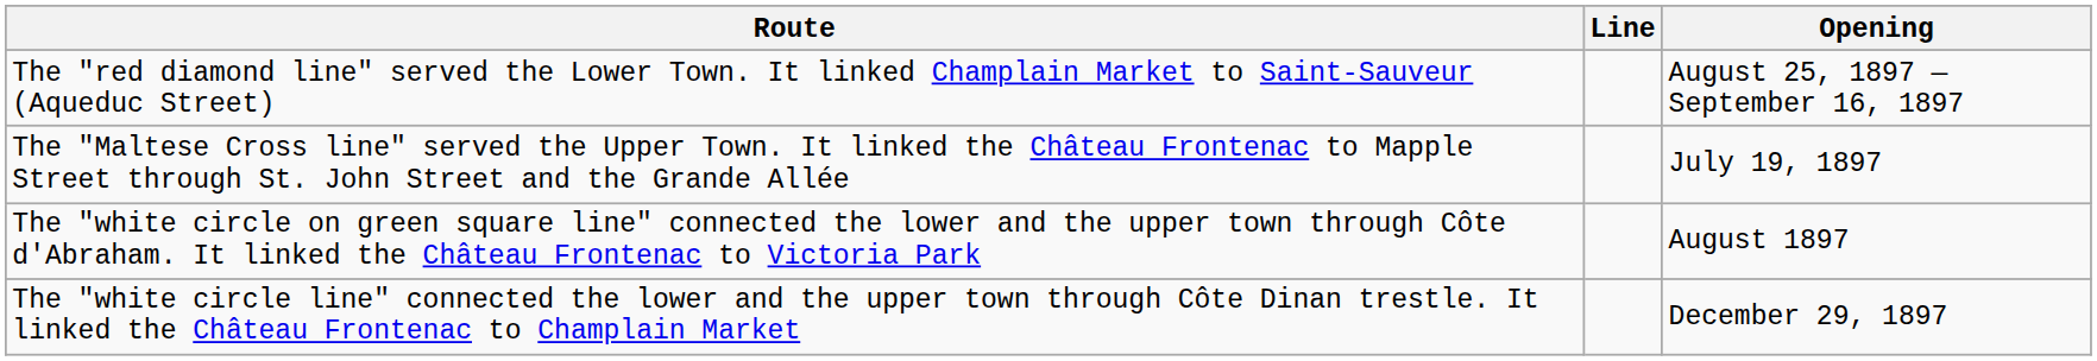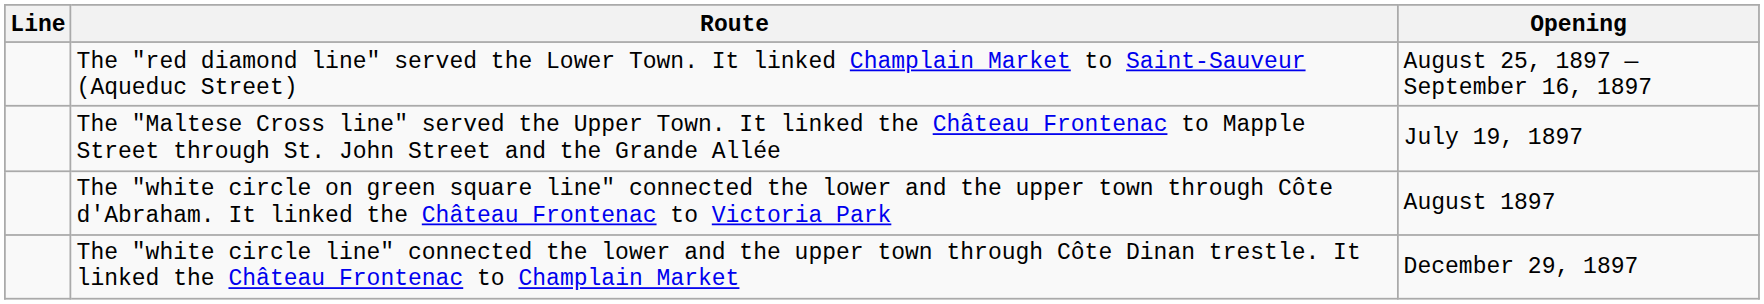 <table class="wikitable center" style="width:50%;">
 <tr>
+<th scope=col>Line</th>
 <th scope=col>Route</th>
-<th scope=col>Line</th>
 <th scope=col>Opening</th>
 </tr>
 <tr>
+<td align="center"></td>
 <td>The "red diamond line" served the Lower Town. It linked <a href='#'>Champlain Market</a> to <a href='#'>Saint-Sauveur</a> (Aqueduc Street)</td>
-<td align="center"></td>
 <td>August 25, 1897 — September 16, 1897</td>
 </tr>
 <tr>
+<td align="center"></td>
 <td>The "Maltese Cross line" served the Upper Town. It linked the <a href='#'>Château Frontenac</a> to Mapple Street through St. John Street and the Grande Allée</td>
-<td align="center"></td>
 <td>July 19, 1897</td>
 </tr>
 <tr>
+<td align="center"></td>
 <td>The "white circle on green square line" connected the lower and the upper town through Côte d'Abraham. It linked the <a href='#'>Château Frontenac</a> to <a href='#'>Victoria Park</a></td>
-<td align="center"></td>
 <td>August 1897</td>
 </tr>
 <tr>
+<td align="center"></td>
 <td>The "white circle line" connected the lower and the upper town through Côte Dinan trestle. It linked the <a href='#'>Château Frontenac</a> to <a href='#'>Champlain Market</a></td>
-<td align="center"></td>
 <td>December 29, 1897</td>
 </tr>
 </table>
